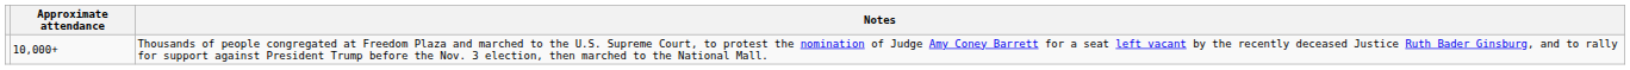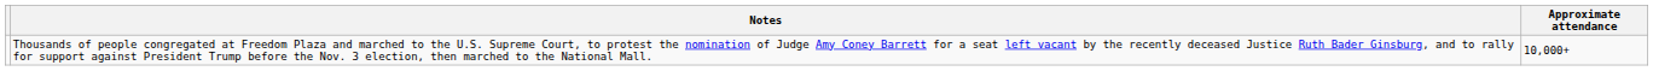 <table class="wikitable sortable">
 <tr>
 <th scope="col"></th>
+<th scope="col" class="unsortable">Notes</th>
 <th scope="col" data-sort-type="number">Approximate attendance</th>
-<th scope="col" class="unsortable">Notes</th>
 </tr>
 <tr>
 <td><div></div></td>
+<td>Thousands of people congregated at Freedom Plaza and marched to the U.S. Supreme Court, to protest the <a href='#'>nomination</a> of Judge <a href='#'>Amy Coney Barrett</a> for a seat <a href='#'>left vacant</a> by the recently deceased Justice <a href='#'>Ruth Bader Ginsburg</a>, and to rally for support against President Trump before the Nov. 3 election, then marched to the National Mall.</td>
 <td data-sort-value="10,001">10,000+</td>
-<td>Thousands of people congregated at Freedom Plaza and marched to the U.S. Supreme Court, to protest the <a href='#'>nomination</a> of Judge <a href='#'>Amy Coney Barrett</a> for a seat <a href='#'>left vacant</a> by the recently deceased Justice <a href='#'>Ruth Bader Ginsburg</a>, and to rally for support against President Trump before the Nov. 3 election, then marched to the National Mall.</td>
 </tr>
 </table>
